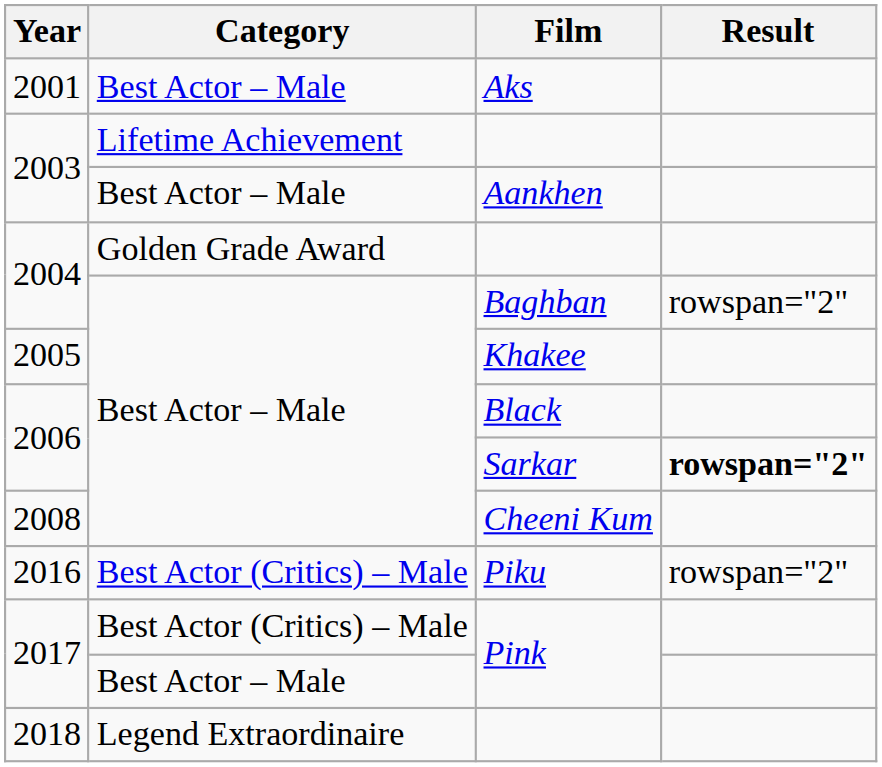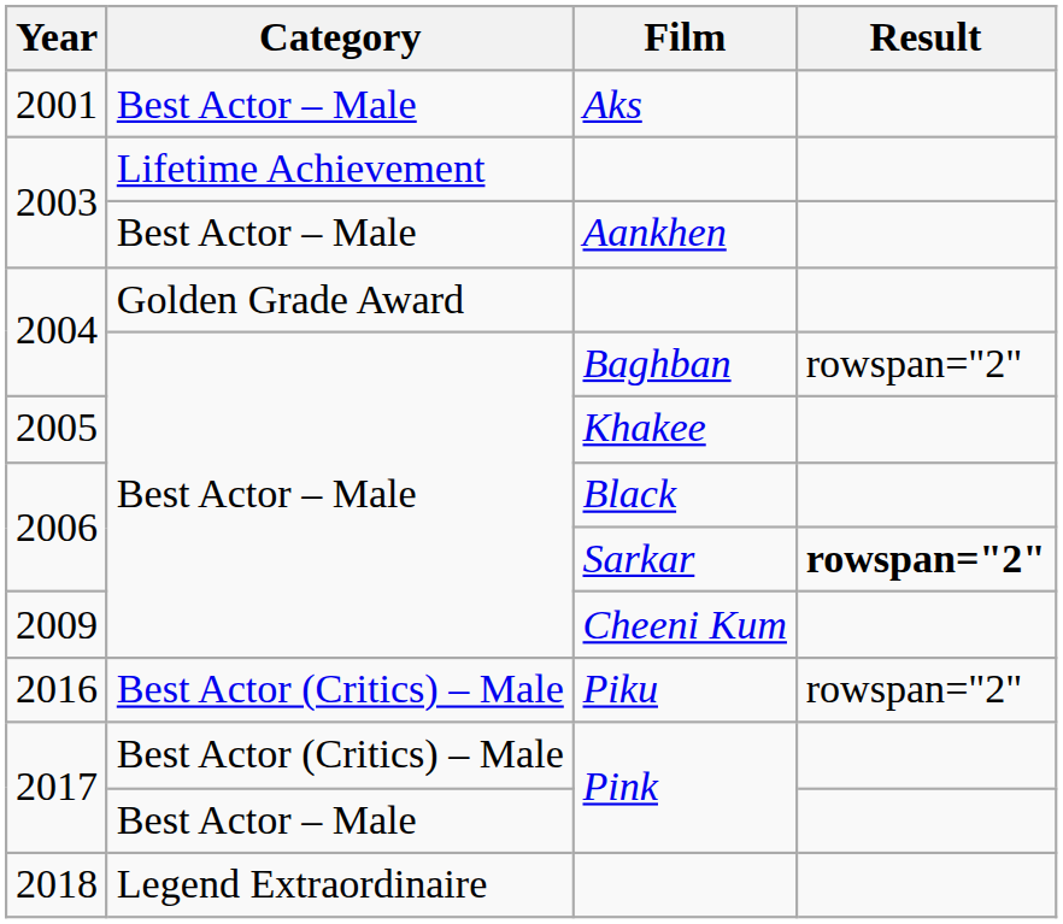 <table class="wikitable sortable">
 <tr>
 <th>Year</th>
 <th>Category</th>
 <th>Film</th>
 <th>Result</th>
 </tr>
 <tr>
 <td>2001</td>
 <td><a href='#'>Best Actor – Male</a></td>
 <td><em><a href='#'>Aks</a></em></td>
 <td></td>
 </tr>
 <tr>
 <td rowspan="2">2003</td>
 <td><a href='#'>Lifetime Achievement</a></td>
 <td></td>
 <td></td>
 </tr>
 <tr>
 <td>Best Actor – Male</td>
 <td><em><a href='#'>Aankhen</a></em></td>
 <td></td>
 </tr>
 <tr>
 <td rowspan="2">2004</td>
 <td>Golden Grade Award</td>
 <td></td>
 <td></td>
 </tr>
 <tr>
 <td rowspan="5">Best Actor – Male</td>
 <td><em><a href='#'>Baghban</a></em></td>
 <td>rowspan="2" </td>
 </tr>
 <tr>
 <td>2005</td>
 <td><em><a href='#'>Khakee</a></em></td>
 </tr>
 <tr>
 <td rowspan="2">2006</td>
 <td><em><a href='#'>Black</a></em></td>
 <td></td>
 </tr>
 <tr>
 <td><em><a href='#'>Sarkar</a></em></td>
 <td><strong>rowspan="2" </strong></td>
 </tr>
 <tr>
-<td>2008</td>
+<td>2009</td>
 <td><em><a href='#'>Cheeni Kum</a></em></td>
 </tr>
 <tr>
 <td>2016</td>
 <td><a href='#'>Best Actor (Critics) – Male</a></td>
 <td><em><a href='#'>Piku</a></em></td>
 <td>rowspan="2" </td>
 </tr>
 <tr>
 <td rowspan="2">2017</td>
 <td>Best Actor (Critics) – Male</td>
 <td rowspan="2"><em><a href='#'>Pink</a></em></td>
 </tr>
 <tr>
 <td>Best Actor – Male</td>
 <td></td>
 </tr>
 <tr>
 <td>2018</td>
 <td>Legend Extraordinaire</td>
 <td></td>
 <td></td>
 </tr>
 </table>
